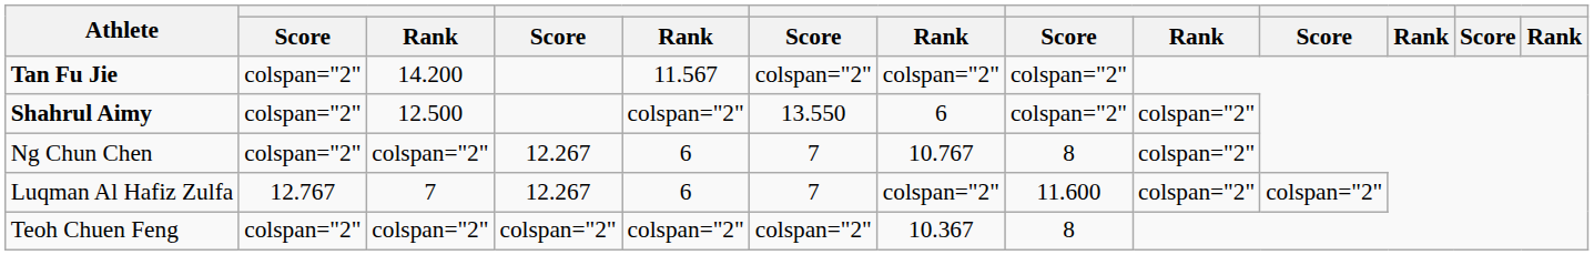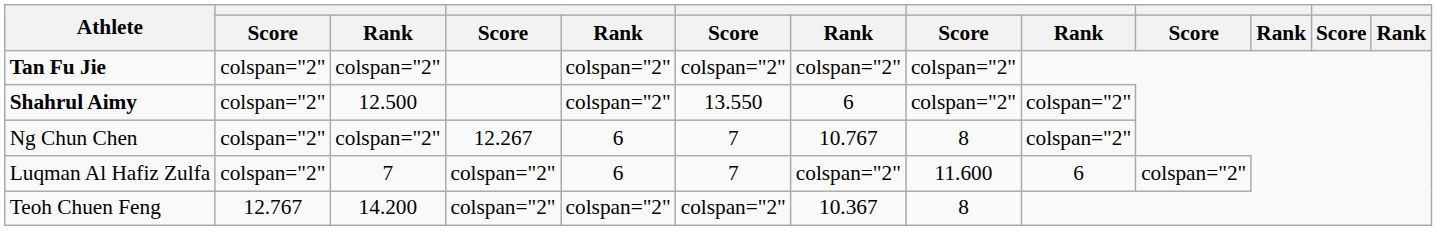 <table class="wikitable" style="font-size: 90%">
 <tr>
 <th rowspan="2">Athlete</th>
 <th colspan="2"></th>
 <th colspan="2"></th>
 <th colspan="2"></th>
 <th colspan="2"></th>
 <th colspan="2"></th>
 <th colspan="2"></th>
 </tr>
 <tr>
 <th>Score</th>
 <th>Rank</th>
 <th>Score</th>
 <th>Rank</th>
 <th>Score</th>
 <th>Rank</th>
 <th>Score</th>
 <th>Rank</th>
 <th>Score</th>
 <th>Rank</th>
 <th>Score</th>
 <th>Rank</th>
 </tr>
 <tr align="center">
 <td align="left"><strong>Tan Fu Jie</strong></td>
 <td>colspan="2" </td>
-<td>14.200</td>
+<td>colspan="2" </td>
 <td></td>
-<td>11.567</td>
+<td>colspan="2" </td>
 <td>colspan="2" </td>
 <td>colspan="2" </td>
 <td>colspan="2" </td>
 </tr>
 <tr align="center">
 <td align="left"><strong>Shahrul Aimy</strong></td>
 <td>colspan="2" </td>
 <td>12.500</td>
 <td></td>
 <td>colspan="2" </td>
 <td>13.550</td>
 <td>6</td>
 <td>colspan="2" </td>
 <td>colspan="2" </td>
 </tr>
 <tr align="center">
 <td align="left">Ng Chun Chen</td>
 <td>colspan="2" </td>
 <td>colspan="2" </td>
 <td>12.267</td>
 <td>6</td>
 <td>7</td>
 <td>10.767</td>
 <td>8</td>
 <td>colspan="2" </td>
 </tr>
 <tr align="center">
 <td align="left">Luqman Al Hafiz Zulfa</td>
-<td>12.767</td>
+<td>colspan="2" </td>
 <td>7</td>
-<td>12.267</td>
+<td>colspan="2" </td>
 <td>6</td>
 <td>7</td>
 <td>colspan="2" </td>
 <td>11.600</td>
-<td>colspan="2" </td>
+<td>6</td>
 <td>colspan="2" </td>
 </tr>
 <tr align="center">
 <td align="left">Teoh Chuen Feng</td>
-<td>colspan="2" </td>
-<td>colspan="2" </td>
+<td>12.767</td>
+<td>14.200</td>
 <td>colspan="2" </td>
 <td>colspan="2" </td>
 <td>colspan="2" </td>
 <td>10.367</td>
 <td>8</td>
 </tr>
 </table>
